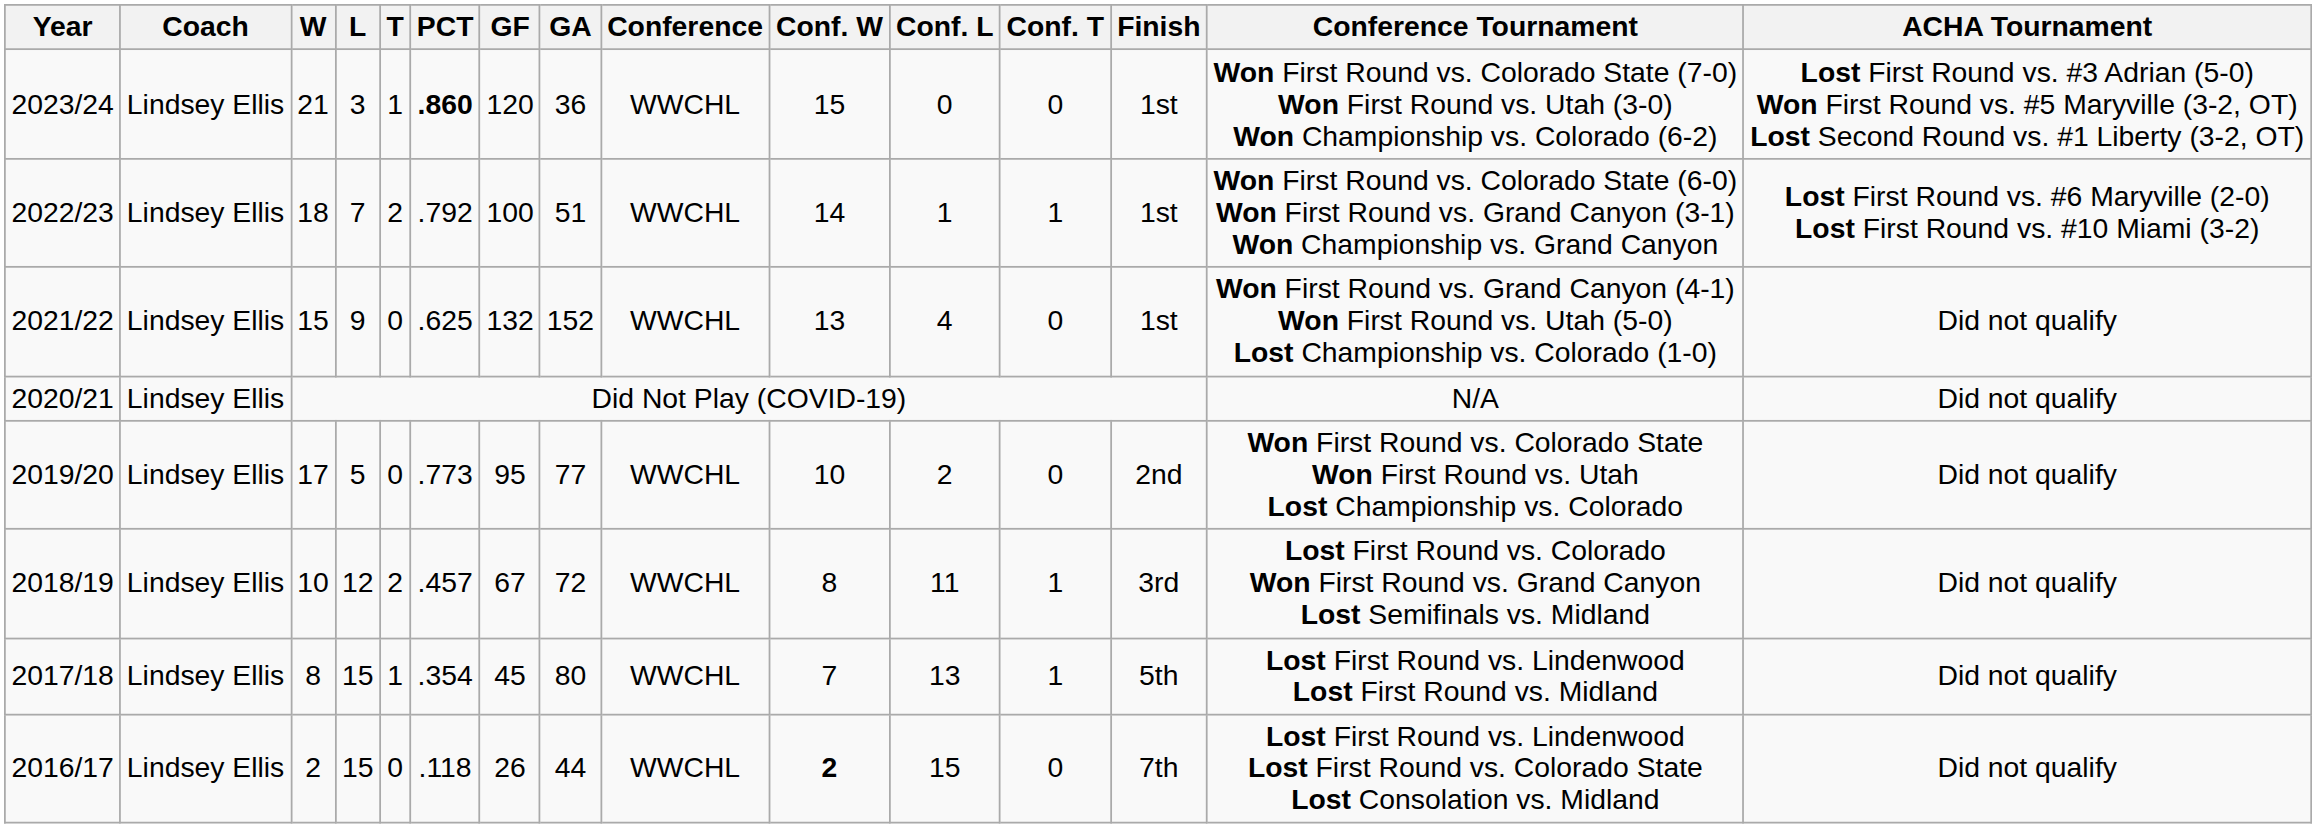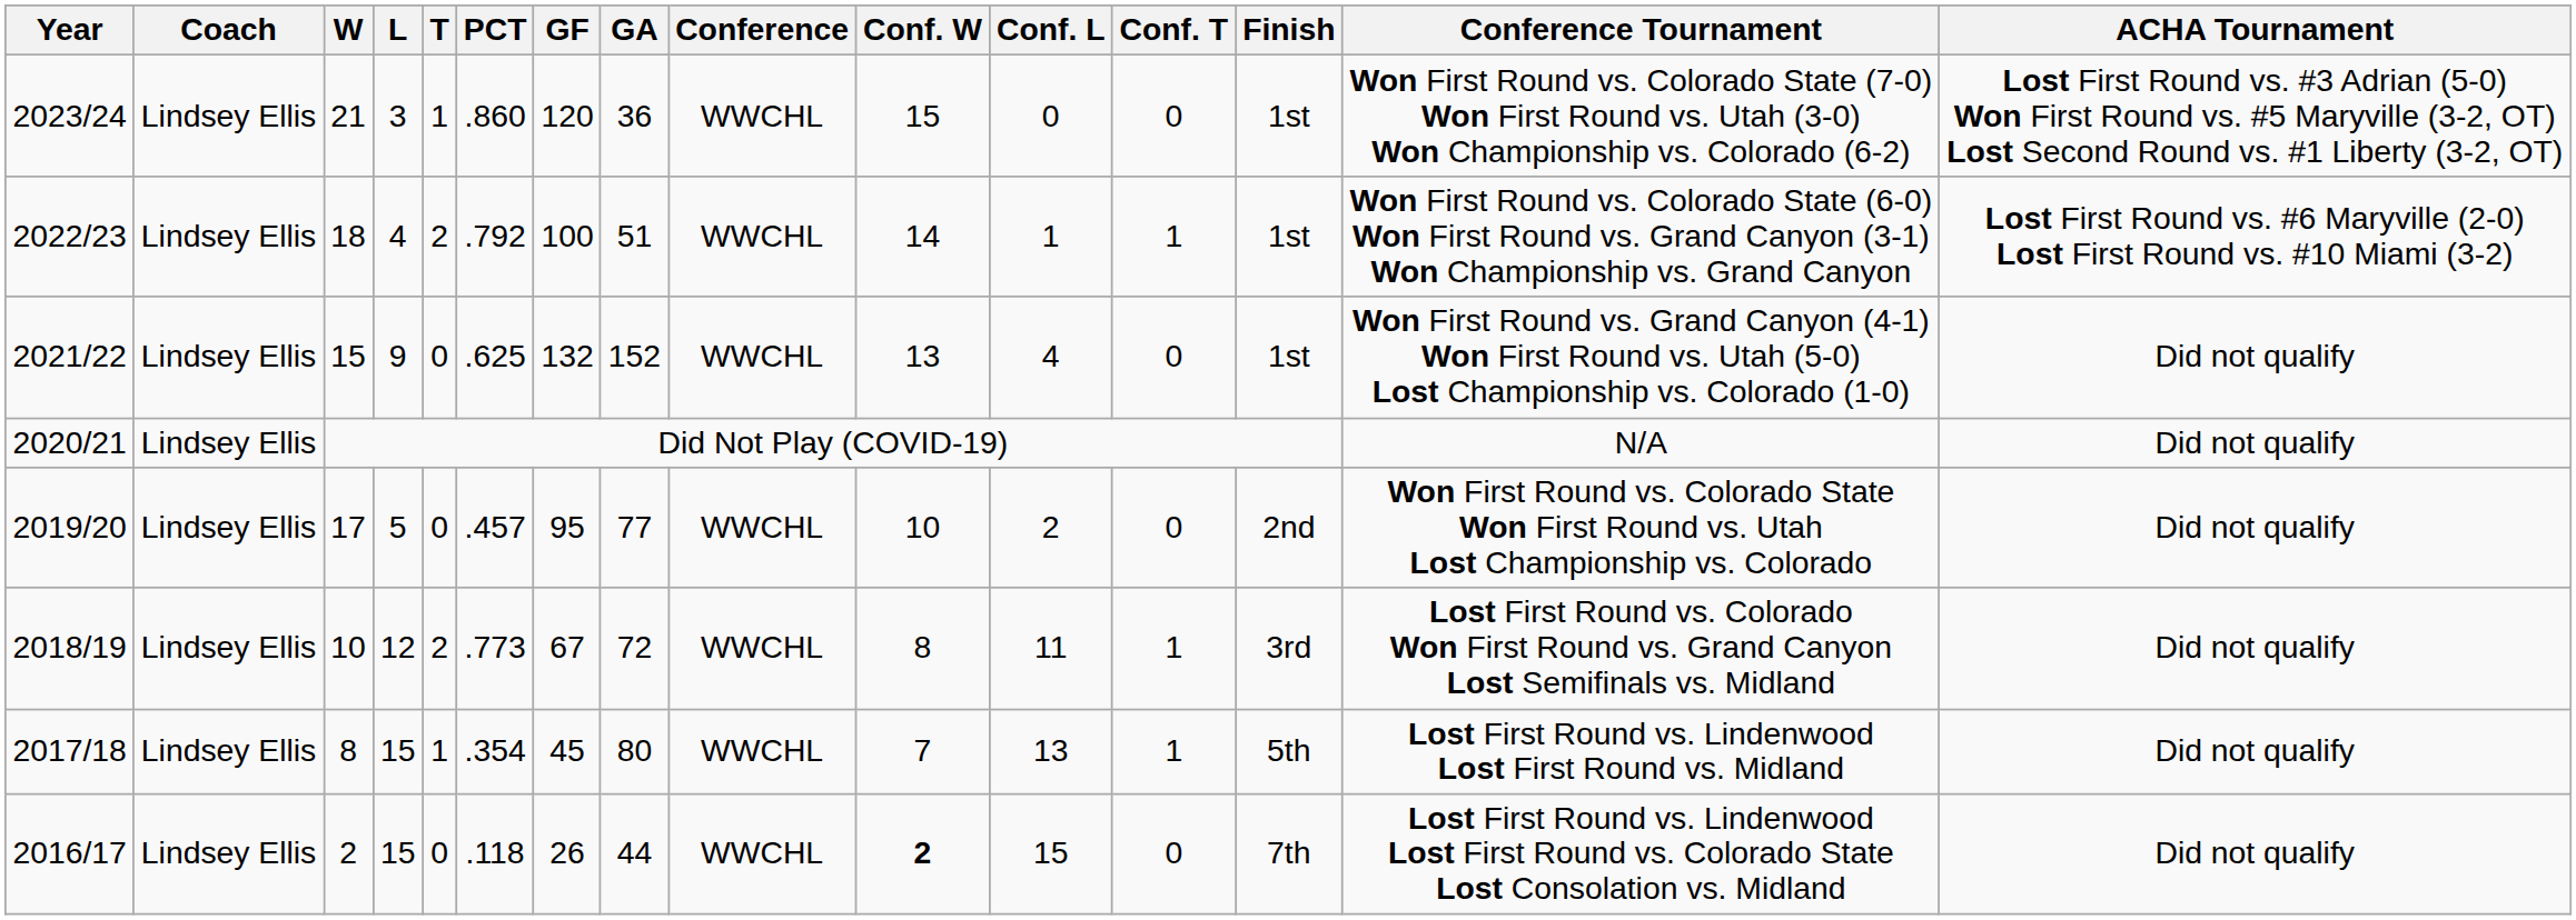 <table class="wikitable sortable" style="white-space:nowrap;">
 <tr align="center" bgcolor="">
 <th>Year</th>
 <th>Coach</th>
 <th>W</th>
 <th>L</th>
 <th>T</th>
 <th>PCT</th>
 <th>GF</th>
 <th>GA</th>
 <th>Conference</th>
 <th>Conf. W</th>
 <th>Conf. L</th>
 <th>Conf. T</th>
 <th>Finish</th>
 <th>Conference Tournament</th>
 <th>ACHA Tournament</th>
 </tr>
 <tr align="center" bgcolor="">
 <td>2023/24</td>
 <td>Lindsey Ellis</td>
 <td>21</td>
 <td>3</td>
 <td>1</td>
-<td><strong>.860</strong></td>
+<td>.860</td>
 <td>120</td>
 <td>36</td>
 <td>WWCHL</td>
 <td>15</td>
 <td>0</td>
 <td>0</td>
 <td>1st</td>
 <td><strong>Won</strong> First Round vs. Colorado State (7-0)<br> <strong>Won</strong> First Round vs. Utah (3-0)<br> <strong>Won</strong> Championship vs. Colorado (6-2)</td>
 <td><strong>Lost</strong> First Round vs. #3 Adrian (5-0)<br><strong>Won</strong> First Round vs. #5 Maryville (3-2, OT)<br><strong>Lost</strong> Second Round vs. #1 Liberty (3-2, OT)</td>
 </tr>
 <tr align="center" bgcolor="">
 <td>2022/23</td>
 <td>Lindsey Ellis</td>
 <td>18</td>
-<td>7</td>
+<td>4</td>
 <td>2</td>
 <td>.792</td>
 <td>100</td>
 <td>51</td>
 <td>WWCHL</td>
 <td>14</td>
 <td>1</td>
 <td>1</td>
 <td>1st</td>
 <td><strong>Won</strong> First Round vs. Colorado State (6-0)<br> <strong>Won</strong> First Round vs. Grand Canyon (3-1)<br> <strong>Won</strong> Championship vs. Grand Canyon </td>
 <td><strong>Lost</strong> First Round vs. #6 Maryville (2-0)<br><strong>Lost</strong> First Round vs. #10 Miami (3-2)</td>
 </tr>
 <tr align="center" bgcolor="">
 <td>2021/22</td>
 <td>Lindsey Ellis</td>
 <td>15</td>
 <td>9</td>
 <td>0</td>
 <td>.625</td>
 <td>132</td>
 <td>152</td>
 <td>WWCHL</td>
 <td>13</td>
 <td>4</td>
 <td>0</td>
 <td>1st</td>
 <td><strong>Won</strong> First Round vs. Grand Canyon  (4-1)<br> <strong>Won</strong> First Round vs. Utah (5-0)<br> <strong>Lost</strong> Championship vs. Colorado (1-0)</td>
 <td>Did not qualify</td>
 </tr>
 <tr align="center" bgcolor="">
 <td>2020/21</td>
 <td>Lindsey Ellis</td>
 <td colspan="11">Did Not Play (COVID-19)</td>
 <td>N/A</td>
 <td>Did not qualify</td>
 </tr>
 <tr align="center" bgcolor="">
 <td>2019/20</td>
 <td>Lindsey Ellis</td>
 <td>17</td>
 <td>5</td>
 <td>0</td>
-<td>.773</td>
+<td>.457</td>
 <td>95</td>
 <td>77</td>
 <td>WWCHL</td>
 <td>10</td>
 <td>2</td>
 <td>0</td>
 <td bgcolor="">2nd</td>
 <td><strong>Won</strong> First Round vs. Colorado State  <br> <strong>Won</strong> First Round vs. Utah  <br> <strong>Lost</strong> Championship vs. Colorado </td>
 <td>Did not qualify</td>
 </tr>
 <tr align="center" bgcolor="">
 <td>2018/19</td>
 <td>Lindsey Ellis</td>
 <td>10</td>
 <td>12</td>
 <td>2</td>
-<td>.457</td>
+<td>.773</td>
 <td>67</td>
 <td>72</td>
 <td>WWCHL</td>
 <td>8</td>
 <td>11</td>
 <td>1</td>
 <td bgcolor="">3rd</td>
 <td><strong>Lost</strong> First Round vs. Colorado  <br> <strong>Won</strong> First Round vs. Grand Canyon  <br> <strong>Lost</strong> Semifinals vs. Midland </td>
 <td>Did not qualify</td>
 </tr>
 <tr align="center" bgcolor="">
 <td>2017/18</td>
 <td>Lindsey Ellis</td>
 <td>8</td>
 <td>15</td>
 <td>1</td>
 <td>.354</td>
 <td>45</td>
 <td>80</td>
 <td>WWCHL</td>
 <td>7</td>
 <td>13</td>
 <td>1</td>
 <td bgcolor="">5th</td>
 <td bgcolor=""><strong>Lost</strong> First Round vs. Lindenwood  <br> <strong>Lost</strong> First Round vs. Midland </td>
 <td>Did not qualify</td>
 </tr>
 <tr align="center" bgcolor="">
 <td>2016/17</td>
 <td>Lindsey Ellis</td>
 <td>2</td>
 <td>15</td>
 <td>0</td>
 <td>.118</td>
 <td>26</td>
 <td>44</td>
 <td>WWCHL</td>
 <td><strong>2</strong></td>
 <td>15</td>
 <td>0</td>
 <td>7th</td>
 <td><strong>Lost</strong> First Round vs. Lindenwood  <br> <strong>Lost</strong> First Round vs. Colorado State  <br> <strong>Lost</strong> Consolation vs. Midland </td>
 <td>Did not qualify</td>
 </tr>
 </table>
